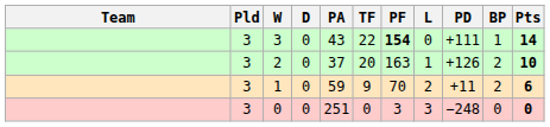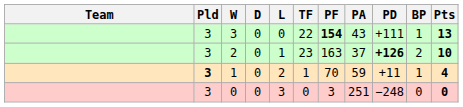 <table class="wikitable" style="text-align: center;">
 <tr>
 <th width="200">Team</th>
 <th width="20">Pld</th>
 <th width="20">W</th>
 <th width="20">D</th>
-<th width="20">PA</th>
+<th width="20">L</th>
 <th width="20">TF</th>
 <th width="20">PF</th>
-<th width="20">L</th>
+<th width="20">PA</th>
 <th width="25">PD</th>
 <th width="20">BP</th>
 <th width="20">Pts</th>
 </tr>
 <tr style="background:#ccffcc">
 <td align=left></td>
 <td>3</td>
 <td>3</td>
 <td>0</td>
-<td>43</td>
+<td>0</td>
 <td>22</td>
 <td><strong>154</strong></td>
-<td>0</td>
+<td>43</td>
 <td>+111</td>
 <td>1</td>
-<td><strong>14</strong></td>
+<td><strong>13</strong></td>
 </tr>
 <tr style="background:#ccffcc">
 <td align=left></td>
 <td>3</td>
 <td>2</td>
 <td>0</td>
+<td>1</td>
+<td>23</td>
+<td>163</td>
 <td>37</td>
-<td>20</td>
-<td>163</td>
-<td>1</td>
-<td>+126</td>
+<td><strong>+126</strong></td>
 <td>2</td>
 <td><strong>10</strong></td>
 </tr>
 <tr style="background:#ffe6bd">
 <td align=left></td>
-<td>3</td>
+<td><strong>3</strong></td>
 <td>1</td>
 <td>0</td>
+<td>2</td>
+<td>1</td>
+<td>70</td>
 <td>59</td>
-<td>9</td>
-<td>70</td>
-<td>2</td>
 <td>+11</td>
-<td>2</td>
-<td><strong>6</strong></td>
+<td>1</td>
+<td><strong>4</strong></td>
 </tr>
 <tr style="background:#fcc">
 <td align=left></td>
 <td>3</td>
 <td>0</td>
 <td>0</td>
-<td>251</td>
+<td>3</td>
 <td>0</td>
 <td>3</td>
-<td>3</td>
+<td>251</td>
 <td>−248</td>
 <td>0</td>
 <td><strong>0</strong></td>
 </tr>
 </table>
